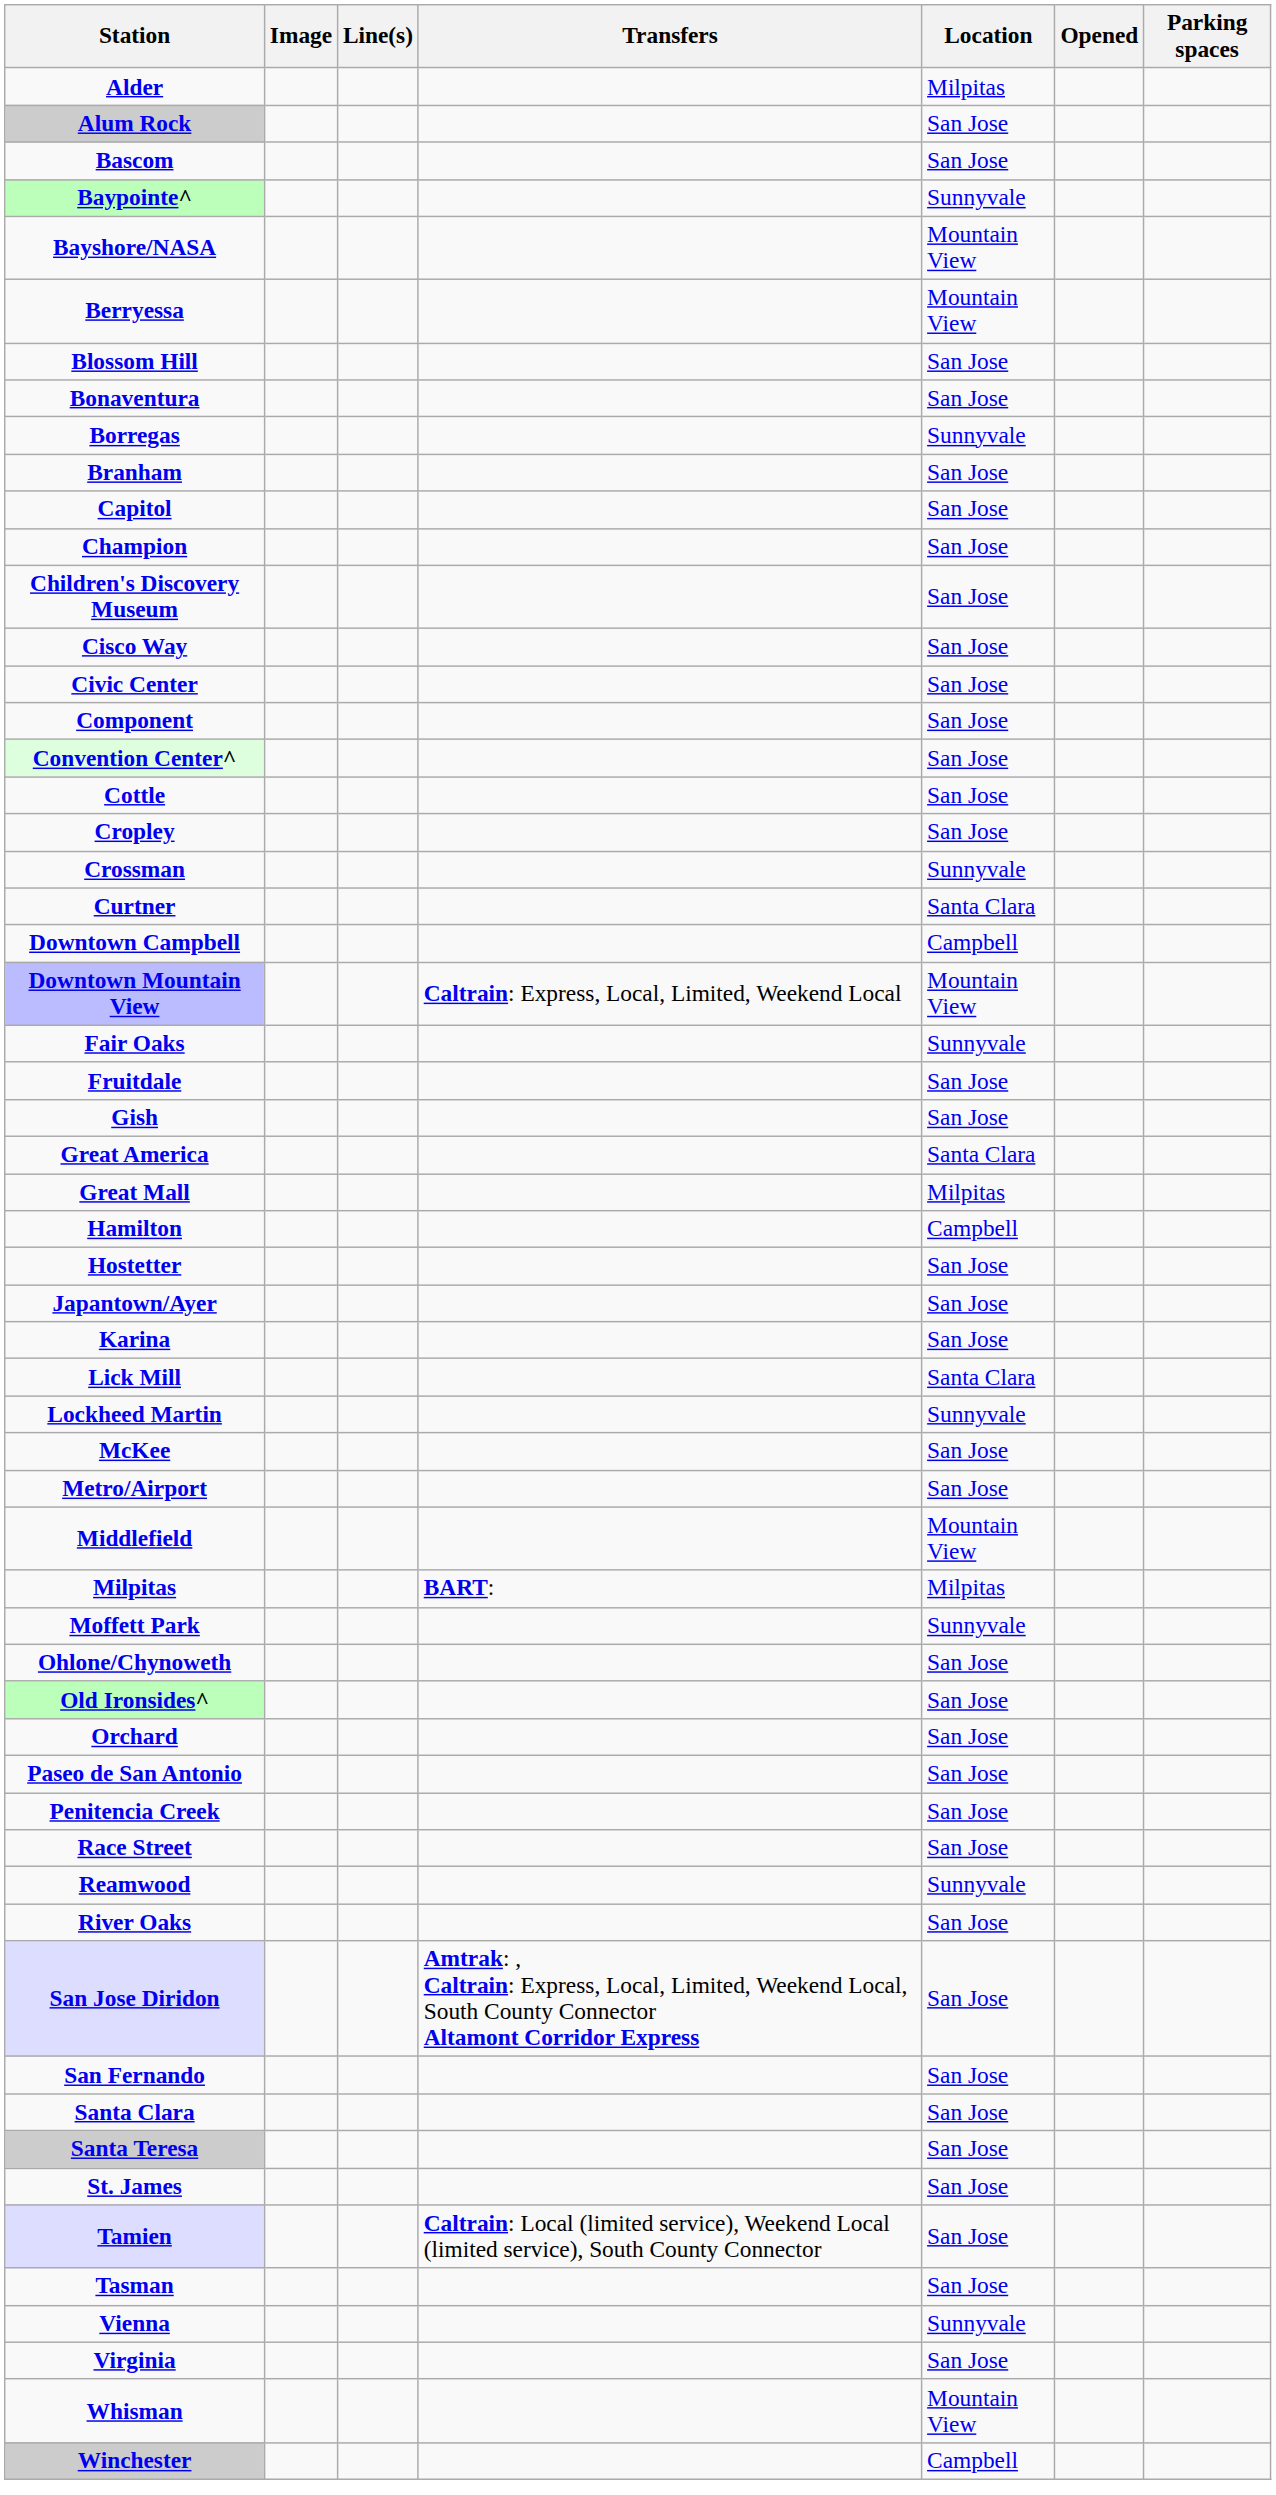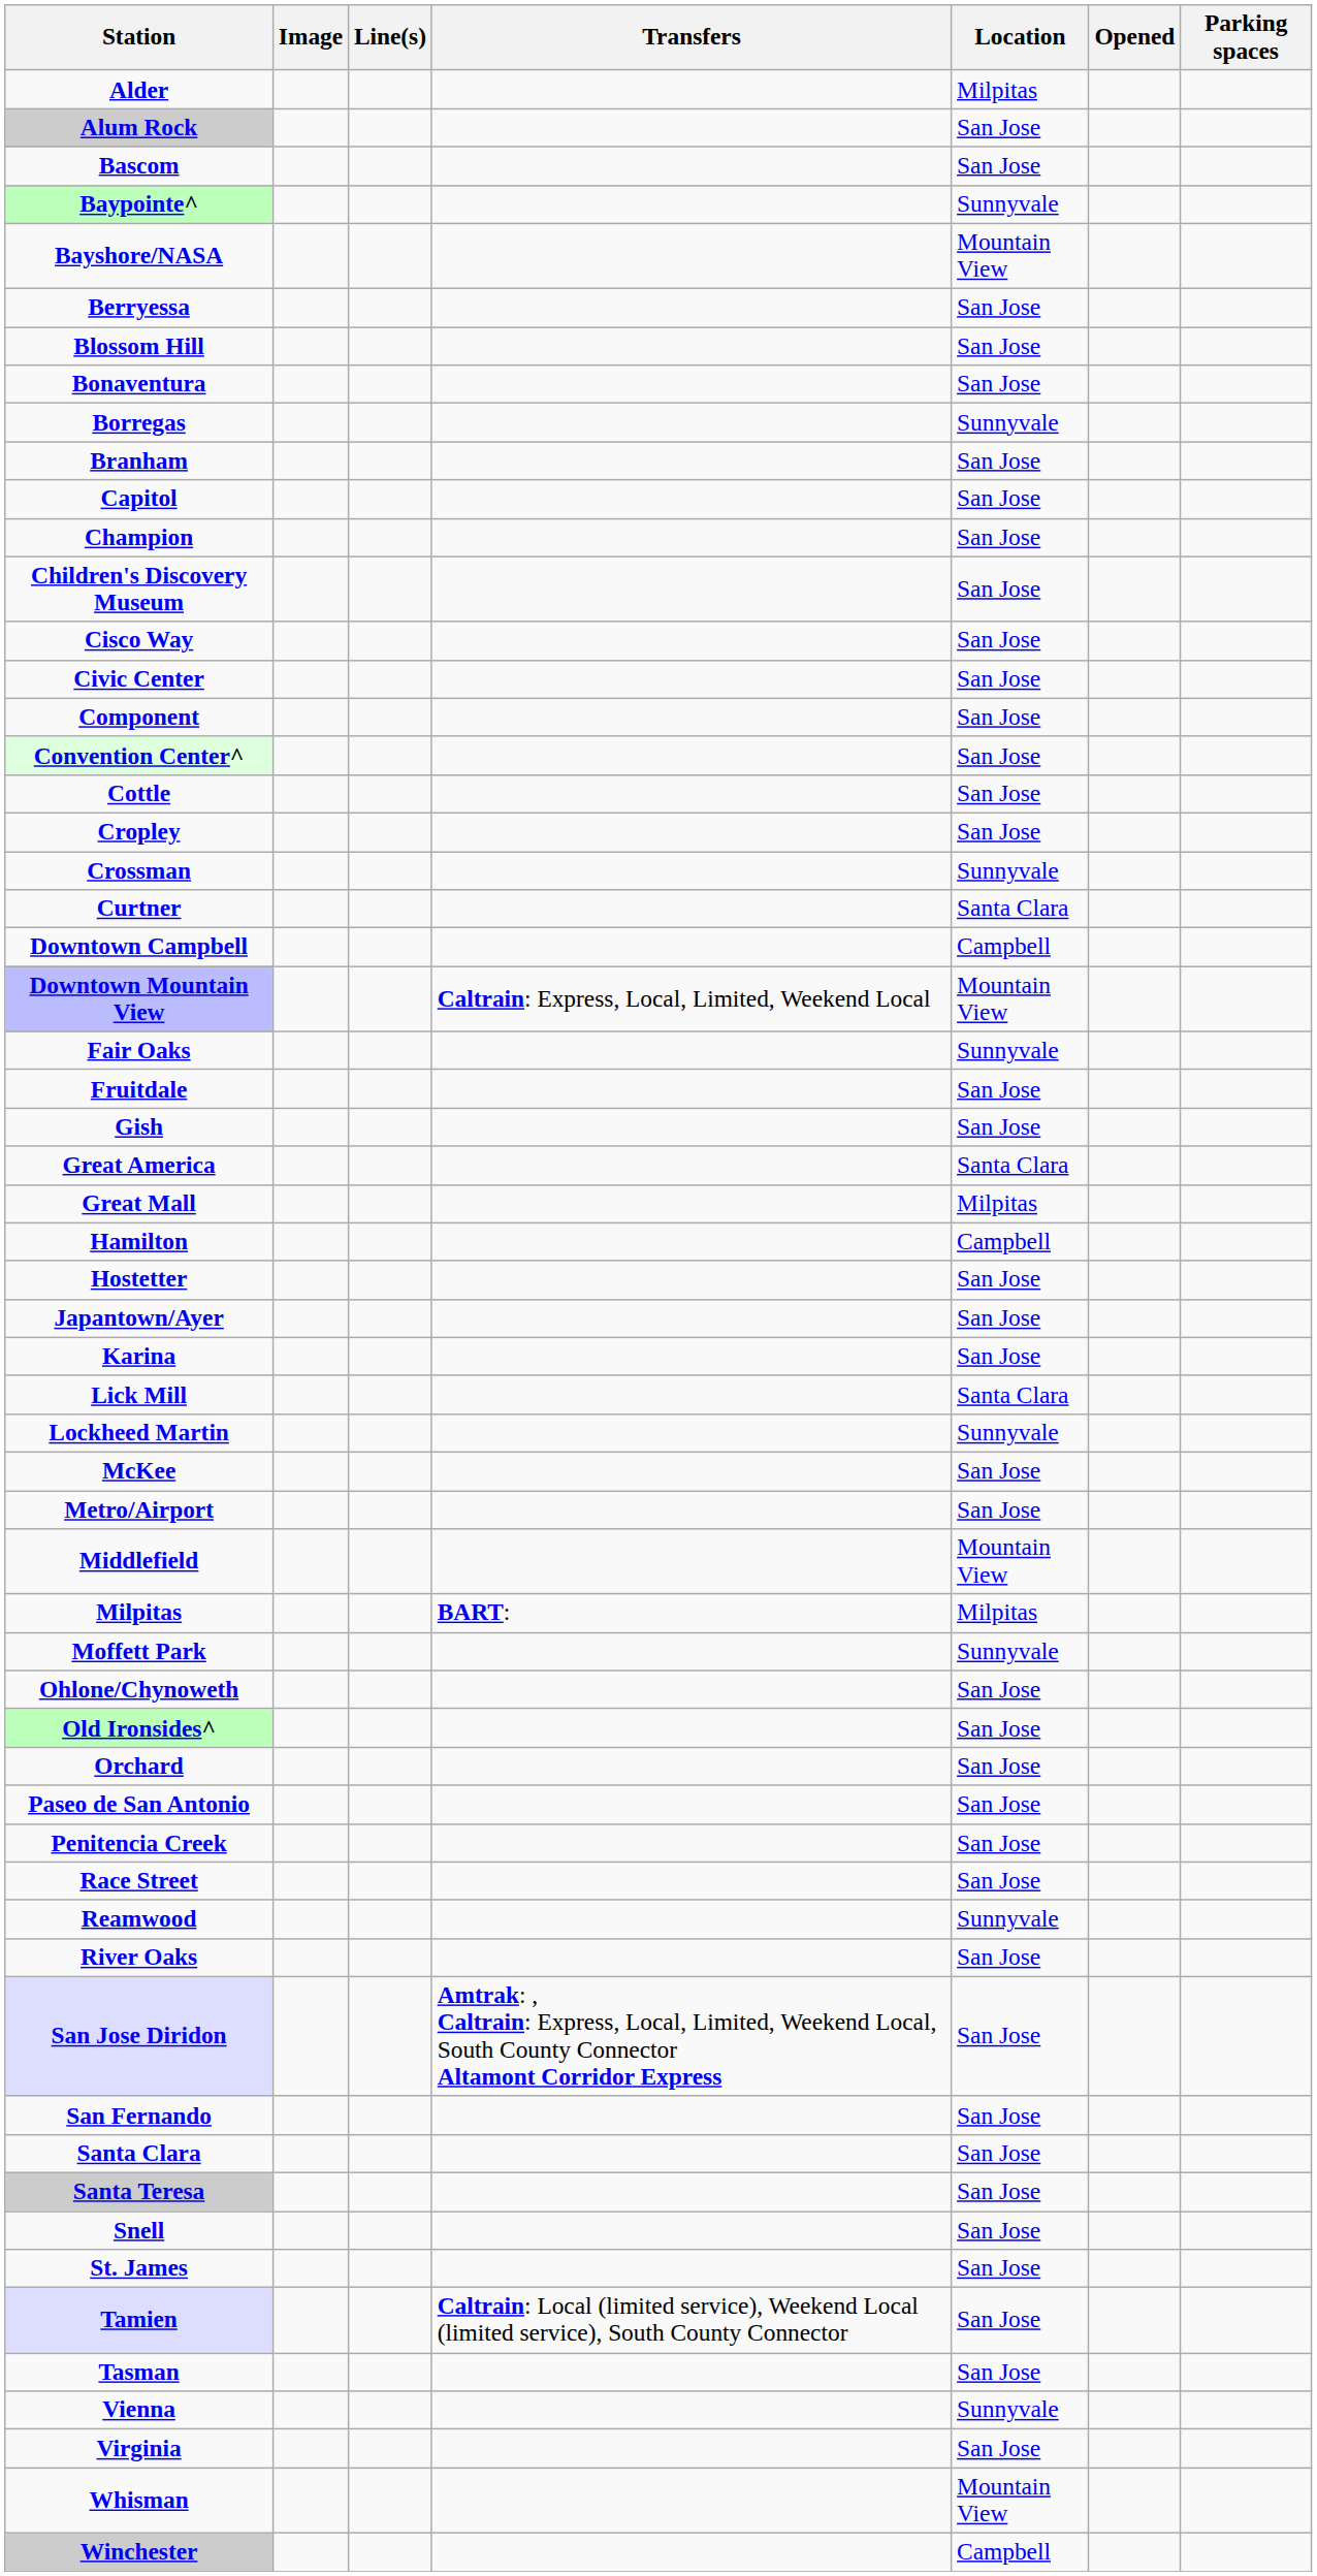 <table class="wikitable sortable sticky-header plainrowheaders" summary="Station (sortable), Image, Line(s) (sortable), City (sortable), and Year opened (sortable)">
 <tr>
 <th scope="col">Station</th>
 <th scope="col" class="unsortable">Image</th>
 <th scope="col" class="unsortable">Line(s)</th>
 <th>Transfers</th>
 <th scope="col">Location</th>
 <th scope="col">Opened</th>
 <th scope="col">Parking spaces</th>
 </tr>
 <tr>
 <th scope="row" style="background-color:transparent;"><a href='#'>Alder</a></th>
 <td></td>
 <td></td>
 <td></td>
 <td><a href='#'>Milpitas</a></td>
 <td></td>
 <td></td>
 </tr>
 <tr>
 <th scope="row" style="background-color:#CCCCCC"><a href='#'>Alum Rock</a></th>
 <td></td>
 <td></td>
 <td></td>
 <td><a href='#'>San Jose</a></td>
 <td></td>
 <td></td>
 </tr>
 <tr>
 <th scope="row" style="background-color:transparent;"><a href='#'>Bascom</a></th>
 <td></td>
 <td></td>
 <td></td>
 <td><a href='#'>San Jose</a></td>
 <td></td>
 <td></td>
 </tr>
 <tr>
 <th scope="row" style="background-color:#BBFFBB"><a href='#'>Baypointe</a>^</th>
 <td></td>
 <td> </td>
 <td></td>
 <td><a href='#'>Sunnyvale</a></td>
 <td></td>
 <td></td>
 </tr>
 <tr>
 <th scope="row" style="background-color:transparent;"><a href='#'>Bayshore/NASA</a></th>
 <td></td>
 <td></td>
 <td></td>
 <td><a href='#'>Mountain View</a></td>
 <td></td>
 <td></td>
 </tr>
 <tr>
 <th scope="row" style="background-color:transparent;"><a href='#'>Berryessa</a></th>
 <td></td>
 <td></td>
 <td></td>
-<td><a href='#'>Mountain View</a></td>
+<td><a href='#'>San Jose</a></td>
 <td></td>
 <td></td>
 </tr>
 <tr>
 <th scope="row" style="background-color:transparent;"><a href='#'>Blossom Hill</a></th>
 <td></td>
 <td></td>
 <td></td>
 <td><a href='#'>San Jose</a></td>
 <td></td>
 <td></td>
 </tr>
 <tr>
 <th scope="row" style="background-color:transparent;"><a href='#'>Bonaventura</a></th>
 <td></td>
 <td> </td>
 <td></td>
 <td><a href='#'>San Jose</a></td>
 <td></td>
 <td></td>
 </tr>
 <tr>
 <th scope="row" style="background-color:transparent;"><a href='#'>Borregas</a></th>
 <td></td>
 <td></td>
 <td></td>
 <td><a href='#'>Sunnyvale</a></td>
 <td></td>
 <td></td>
 </tr>
 <tr>
 <th scope="row" style="background-color:transparent;"><a href='#'>Branham</a></th>
 <td></td>
 <td></td>
 <td></td>
 <td><a href='#'>San Jose</a></td>
 <td></td>
 <td></td>
 </tr>
 <tr>
 <th scope="row" style="background-color:transparent;"><a href='#'>Capitol</a></th>
 <td></td>
 <td></td>
 <td></td>
 <td><a href='#'>San Jose</a></td>
 <td></td>
 <td></td>
 </tr>
 <tr>
 <th scope="row" style="background-color:transparent;"><a href='#'>Champion</a></th>
 <td></td>
 <td> </td>
 <td></td>
 <td><a href='#'>San Jose</a></td>
 <td></td>
 <td></td>
 </tr>
 <tr>
 <th scope="row" style="background-color:transparent;"><a href='#'>Children's Discovery Museum</a></th>
 <td></td>
 <td></td>
 <td></td>
 <td><a href='#'>San Jose</a></td>
 <td></td>
 <td></td>
 </tr>
 <tr>
 <th scope="row" style="background-color:transparent;"><a href='#'>Cisco Way</a></th>
 <td></td>
 <td></td>
 <td></td>
 <td><a href='#'>San Jose</a></td>
 <td></td>
 <td></td>
 </tr>
 <tr>
 <th scope="row" style="background-color:transparent;"><a href='#'>Civic Center</a></th>
 <td></td>
 <td> </td>
 <td></td>
 <td><a href='#'>San Jose</a></td>
 <td></td>
 <td></td>
 </tr>
 <tr>
 <th scope="row" style="background-color:transparent;"><a href='#'>Component</a></th>
 <td></td>
 <td> </td>
 <td></td>
 <td><a href='#'>San Jose</a></td>
 <td></td>
 <td></td>
 </tr>
 <tr>
 <th scope="row" style="background-color:#DDFFDD; align=center"><a href='#'>Convention Center</a>^</th>
 <td></td>
 <td> </td>
 <td></td>
 <td><a href='#'>San Jose</a></td>
 <td></td>
 <td></td>
 </tr>
 <tr>
 <th scope="row" style="background-color:transparent;"><a href='#'>Cottle</a></th>
 <td></td>
 <td></td>
 <td></td>
 <td><a href='#'>San Jose</a></td>
 <td></td>
 <td></td>
 </tr>
 <tr>
 <th scope="row" style="background-color:transparent;"><a href='#'>Cropley</a></th>
 <td></td>
 <td></td>
 <td></td>
 <td><a href='#'>San Jose</a></td>
 <td></td>
 <td></td>
 </tr>
 <tr>
 <th scope="row" style="background-color:transparent;"><a href='#'>Crossman</a></th>
 <td></td>
 <td></td>
 <td></td>
 <td><a href='#'>Sunnyvale</a></td>
 <td></td>
 <td></td>
 </tr>
 <tr>
 <th scope="row" style="background-color:transparent;"><a href='#'>Curtner</a></th>
 <td></td>
 <td></td>
 <td></td>
 <td><a href='#'>Santa Clara</a></td>
 <td></td>
 <td></td>
 </tr>
 <tr>
 <th scope="row" style="background-color:transparent;"><a href='#'>Downtown Campbell</a></th>
 <td></td>
 <td></td>
 <td></td>
 <td><a href='#'>Campbell</a></td>
 <td></td>
 <td></td>
 </tr>
 <tr>
 <th scope="row" style="background-color:#BBBBFF"><a href='#'>Downtown Mountain View</a></th>
 <td></td>
 <td></td>
 <td> <strong><a href='#'>Caltrain</a></strong>: Express, Local, Limited, Weekend Local</td>
 <td><a href='#'>Mountain View</a></td>
 <td></td>
 <td></td>
 </tr>
 <tr>
 <th scope="row" style="background-color:transparent;"><a href='#'>Fair Oaks</a></th>
 <td></td>
 <td></td>
 <td></td>
 <td><a href='#'>Sunnyvale</a></td>
 <td></td>
 <td></td>
 </tr>
 <tr>
 <th scope="row" style="background-color:transparent;"><a href='#'>Fruitdale</a></th>
 <td></td>
 <td></td>
 <td></td>
 <td><a href='#'>San Jose</a></td>
 <td></td>
 <td></td>
 </tr>
 <tr>
 <th scope="row" style="background-color:transparent;"><a href='#'>Gish</a></th>
 <td></td>
 <td> </td>
 <td></td>
 <td><a href='#'>San Jose</a></td>
 <td></td>
 <td></td>
 </tr>
 <tr>
 <th scope="row" style="background-color:transparent;"><a href='#'>Great America</a></th>
 <td></td>
 <td> </td>
 <td></td>
 <td><a href='#'>Santa Clara</a></td>
 <td></td>
 <td></td>
 </tr>
 <tr>
 <th scope="row" style="background-color:transparent;"><a href='#'>Great Mall</a></th>
 <td></td>
 <td></td>
 <td></td>
 <td><a href='#'>Milpitas</a></td>
 <td></td>
 <td></td>
 </tr>
 <tr>
 <th scope="row" style="background-color:transparent;"><a href='#'>Hamilton</a></th>
 <td></td>
 <td></td>
 <td></td>
 <td><a href='#'>Campbell</a></td>
 <td></td>
 <td></td>
 </tr>
 <tr>
 <th scope="row" style="background-color:transparent;"><a href='#'>Hostetter</a></th>
 <td></td>
 <td></td>
 <td></td>
 <td><a href='#'>San Jose</a></td>
 <td></td>
 <td></td>
 </tr>
 <tr>
 <th scope="row" style="background-color:transparent;"><a href='#'>Japantown/Ayer</a></th>
 <td></td>
 <td> </td>
 <td></td>
 <td><a href='#'>San Jose</a></td>
 <td></td>
 <td></td>
 </tr>
 <tr>
 <th scope="row" style="background-color:transparent;"><a href='#'>Karina</a></th>
 <td></td>
 <td> </td>
 <td></td>
 <td><a href='#'>San Jose</a></td>
 <td></td>
 <td></td>
 </tr>
 <tr>
 <th scope="row" style="background-color:transparent;"><a href='#'>Lick Mill</a></th>
 <td></td>
 <td> </td>
 <td></td>
 <td><a href='#'>Santa Clara</a></td>
 <td></td>
 <td></td>
 </tr>
 <tr>
 <th scope="row" style="background-color:transparent;"><a href='#'>Lockheed Martin</a></th>
 <td></td>
 <td></td>
 <td></td>
 <td><a href='#'>Sunnyvale</a></td>
 <td></td>
 <td></td>
 </tr>
 <tr>
 <th scope="row" style="background-color:transparent;"><a href='#'>McKee</a></th>
 <td></td>
 <td></td>
 <td></td>
 <td><a href='#'>San Jose</a></td>
 <td></td>
 <td></td>
 </tr>
 <tr>
 <th scope="row" style="background-color:transparent;"><a href='#'>Metro/Airport</a></th>
 <td></td>
 <td> </td>
 <td></td>
 <td><a href='#'>San Jose</a></td>
 <td></td>
 <td></td>
 </tr>
 <tr>
 <th scope="row" style="background-color:transparent;"><a href='#'>Middlefield</a></th>
 <td></td>
 <td></td>
 <td></td>
 <td><a href='#'>Mountain View</a></td>
 <td></td>
 <td></td>
 </tr>
 <tr>
 <th scope="row" style="background-color:transparent;"><a href='#'>Milpitas</a></th>
 <td></td>
 <td></td>
 <td><strong> <a href='#'>BART</a></strong>:  </td>
 <td><a href='#'>Milpitas</a></td>
 <td></td>
 <td></td>
 </tr>
 <tr>
 <th scope="row" style="background-color:transparent;"><a href='#'>Moffett Park</a></th>
 <td></td>
 <td></td>
 <td></td>
 <td><a href='#'>Sunnyvale</a></td>
 <td></td>
 <td></td>
 </tr>
 <tr>
 <th scope="row" style="background-color:transparent;"><a href='#'>Ohlone/Chynoweth</a></th>
 <td></td>
 <td></td>
 <td></td>
 <td><a href='#'>San Jose</a></td>
 <td></td>
 <td></td>
 </tr>
 <tr>
 <th scope="row" style="background-color:#BBFFBB"><a href='#'>Old Ironsides</a>^</th>
 <td></td>
 <td> </td>
 <td></td>
 <td><a href='#'>San Jose</a></td>
 <td></td>
 <td></td>
 </tr>
 <tr>
 <th scope="row" style="background-color:transparent;"><a href='#'>Orchard</a></th>
 <td></td>
 <td> </td>
 <td></td>
 <td><a href='#'>San Jose</a></td>
 <td></td>
 <td></td>
 </tr>
 <tr>
 <th scope="row" style="background-color:transparent;"><a href='#'>Paseo de San Antonio</a></th>
 <td></td>
 <td> </td>
 <td></td>
 <td><a href='#'>San Jose</a></td>
 <td></td>
 <td></td>
 </tr>
 <tr>
 <th scope="row" style="background-color:transparent;"><a href='#'>Penitencia Creek</a></th>
 <td></td>
 <td></td>
 <td></td>
 <td><a href='#'>San Jose</a></td>
 <td></td>
 <td></td>
 </tr>
 <tr>
 <th scope="row" style="background-color:transparent;"><a href='#'>Race Street</a></th>
 <td></td>
 <td></td>
 <td></td>
 <td><a href='#'>San Jose</a></td>
 <td></td>
 <td></td>
 </tr>
 <tr>
 <th scope="row" style="background-color:transparent;"><a href='#'>Reamwood</a></th>
 <td></td>
 <td></td>
 <td></td>
 <td><a href='#'>Sunnyvale</a></td>
 <td></td>
 <td></td>
 </tr>
 <tr>
 <th scope="row" style="background-color:transparent;"><a href='#'>River Oaks</a></th>
 <td></td>
 <td> </td>
 <td></td>
 <td><a href='#'>San Jose</a></td>
 <td></td>
 <td></td>
 </tr>
 <tr>
 <th scope="row" style="background-color:#DDDDFF"><a href='#'>San Jose Diridon</a> </th>
 <td></td>
 <td></td>
 <td> <strong><a href='#'>Amtrak</a></strong>: , <br> <strong><a href='#'>Caltrain</a></strong>: Express, Local, Limited, Weekend Local, South County Connector<br> <strong><a href='#'>Altamont Corridor Express</a></strong></td>
 <td><a href='#'>San Jose</a></td>
 <td></td>
 <td></td>
 </tr>
 <tr>
 <th scope="row" style="background-color:transparent;"><a href='#'>San Fernando</a></th>
 <td></td>
 <td></td>
 <td></td>
 <td><a href='#'>San Jose</a></td>
 <td></td>
 <td></td>
 </tr>
 <tr>
 <th scope="row" style="background-color:transparent;"><a href='#'>Santa Clara</a></th>
 <td></td>
 <td> </td>
 <td></td>
 <td><a href='#'>San Jose</a></td>
 <td></td>
 <td></td>
 </tr>
 <tr>
 <th scope="row" style="background-color:#CCCCCC"><a href='#'>Santa Teresa</a></th>
 <td></td>
 <td></td>
 <td></td>
 <td><a href='#'>San Jose</a></td>
 <td></td>
 <td></td>
 </tr>
 <tr>
+<th scope="row" style="background-color:transparent;"><a href='#'>Snell</a></th>
+<td></td>
+<td></td>
+<td></td>
+<td><a href='#'>San Jose</a></td>
+<td></td>
+<td></td>
+</tr>
+<tr>
 <th scope="row" style="background-color:transparent;"><a href='#'>St. James</a></th>
 <td></td>
 <td> </td>
 <td></td>
 <td><a href='#'>San Jose</a></td>
 <td></td>
 <td></td>
 </tr>
 <tr>
 <th scope="row" style="background-color:#DDDDFF"><a href='#'>Tamien</a> </th>
 <td></td>
 <td></td>
 <td> <strong><a href='#'>Caltrain</a></strong>: Local (limited service), Weekend Local (limited service), South County Connector</td>
 <td><a href='#'>San Jose</a></td>
 <td></td>
 <td></td>
 </tr>
 <tr>
 <th scope="row" style="background-color:transparent;"><a href='#'>Tasman</a></th>
 <td></td>
 <td> </td>
 <td></td>
 <td><a href='#'>San Jose</a></td>
 <td></td>
 <td></td>
 </tr>
 <tr>
 <th scope="row" style="background-color:transparent;"><a href='#'>Vienna</a></th>
 <td></td>
 <td></td>
 <td></td>
 <td><a href='#'>Sunnyvale</a></td>
 <td></td>
 <td></td>
 </tr>
 <tr>
 <th scope="row" style="background-color:transparent;"><a href='#'>Virginia</a></th>
 <td></td>
 <td></td>
 <td></td>
 <td><a href='#'>San Jose</a></td>
 <td></td>
 <td></td>
 </tr>
 <tr>
 <th scope="row" style="background-color:transparent;"><a href='#'>Whisman</a></th>
 <td></td>
 <td></td>
 <td></td>
 <td><a href='#'>Mountain View</a></td>
 <td></td>
 <td></td>
 </tr>
 <tr>
 <th scope="row" style="background-color:#CCCCCC"><a href='#'>Winchester</a></th>
 <td></td>
 <td></td>
 <td></td>
 <td><a href='#'>Campbell</a></td>
 <td></td>
 <td></td>
 </tr>
 <tr>
 </tr>
 </table>
